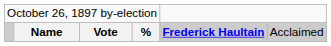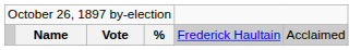 <table class="wikitable">
 <tr>
 <td colspan=4 align=center>October 26, 1897 by-election</td>
 </tr>
 <tr bgcolor="CCCCCC">
 <td></td>
 <th>Name</th>
 <th>Vote</th>
 <th>%<br></th>
-<td><strong><a href='#'>Frederick Haultain</a></strong></td>
+<td><a href='#'>Frederick Haultain</a></td>
 <td colspan="2" align=center>Acclaimed</td>
 </tr>
 </table>
